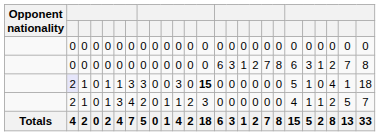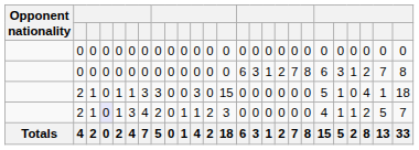 <table class="wikitable " style="text-align:center; font-size:80%">
 <tr>
 <th rowspan="2">Opponent<br>nationality</th>
 <th colspan="6"></th>
 <th colspan="6"></th>
 <th colspan="6"></th>
 <th colspan="6"></th>
 </tr>
 <tr>
 <th></th>
 <th></th>
 <th></th>
 <th></th>
 <th></th>
 <th></th>
 <th></th>
 <th></th>
 <th></th>
 <th></th>
 <th></th>
 <th></th>
 <th></th>
 <th></th>
 <th></th>
 <th></th>
 <th></th>
 <th></th>
 <th></th>
 <th></th>
 <th></th>
 <th></th>
 <th></th>
 <th></th>
 </tr>
 <tr>
 <td></td>
 <td>0</td>
 <td>0</td>
 <td>0</td>
 <td>0</td>
 <td>0</td>
 <td>0</td>
 <td>0</td>
 <td>0</td>
 <td>0</td>
 <td>0</td>
 <td>0</td>
 <td>0</td>
 <td>0</td>
 <td>0</td>
 <td>0</td>
 <td>0</td>
 <td>0</td>
 <td>0</td>
 <td>0</td>
 <td>0</td>
 <td>0</td>
 <td>0</td>
 <td>0</td>
 <td>0</td>
 </tr>
 <tr>
 <td></td>
 <td>0</td>
 <td>0</td>
 <td>0</td>
 <td>0</td>
 <td>0</td>
 <td>0</td>
 <td>0</td>
 <td>0</td>
 <td>0</td>
 <td>0</td>
 <td>0</td>
 <td>0</td>
 <td>6</td>
 <td>3</td>
 <td>1</td>
 <td>2</td>
 <td>7</td>
 <td>8</td>
 <td>6</td>
 <td>3</td>
 <td>1</td>
 <td>2</td>
 <td>7</td>
 <td>8</td>
 </tr>
 <tr>
 <td></td>
-<td style="background: lavender;">2</td>
+<td>2</td>
 <td>1</td>
 <td>0</td>
 <td>1</td>
 <td>1</td>
 <td>3</td>
 <td>3</td>
 <td>0</td>
 <td>0</td>
 <td>3</td>
 <td>0</td>
-<td><strong>15</strong></td>
+<td>15</td>
 <td>0</td>
 <td>0</td>
 <td>0</td>
 <td>0</td>
 <td>0</td>
 <td>0</td>
 <td>5</td>
 <td>1</td>
 <td>0</td>
 <td>4</td>
 <td>1</td>
 <td>18</td>
 </tr>
 <tr>
 <td></td>
 <td>2</td>
 <td>1</td>
-<td>0</td>
+<td style="background: lavender;">0</td>
 <td>1</td>
 <td>3</td>
 <td>4</td>
 <td>2</td>
 <td>0</td>
 <td>1</td>
 <td>1</td>
 <td>2</td>
 <td>3</td>
 <td>0</td>
 <td>0</td>
 <td>0</td>
 <td>0</td>
 <td>0</td>
 <td>0</td>
 <td>4</td>
 <td>1</td>
 <td>1</td>
 <td>2</td>
 <td>5</td>
 <td>7</td>
 </tr>
 <tr>
 <th>Totals</th>
 <th>4</th>
 <th>2</th>
 <th>0</th>
 <th>2</th>
 <th>4</th>
 <th>7</th>
 <th>5</th>
 <th>0</th>
 <th>1</th>
 <th>4</th>
 <th>2</th>
 <th>18</th>
 <th>6</th>
 <th>3</th>
 <th>1</th>
 <th>2</th>
 <th>7</th>
 <th>8</th>
 <th>15</th>
 <th>5</th>
 <th>2</th>
 <th>8</th>
 <th>13</th>
 <th>33</th>
 </tr>
 </table>
